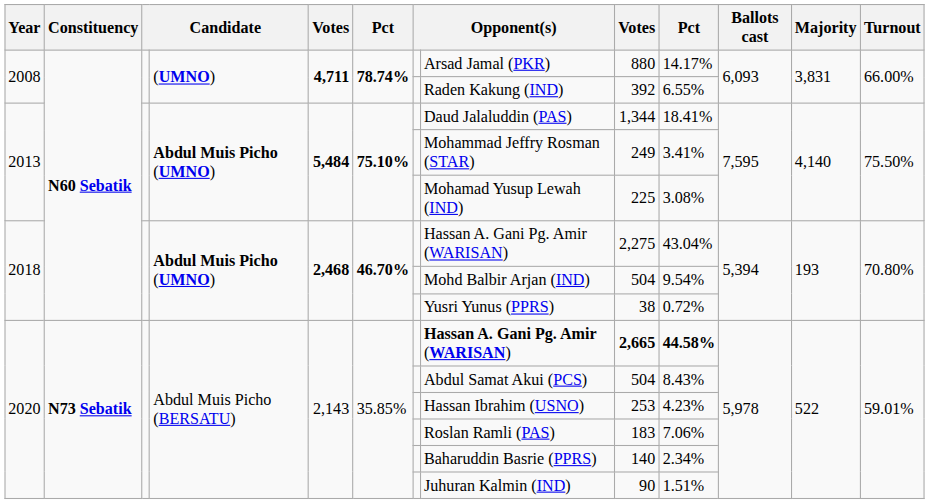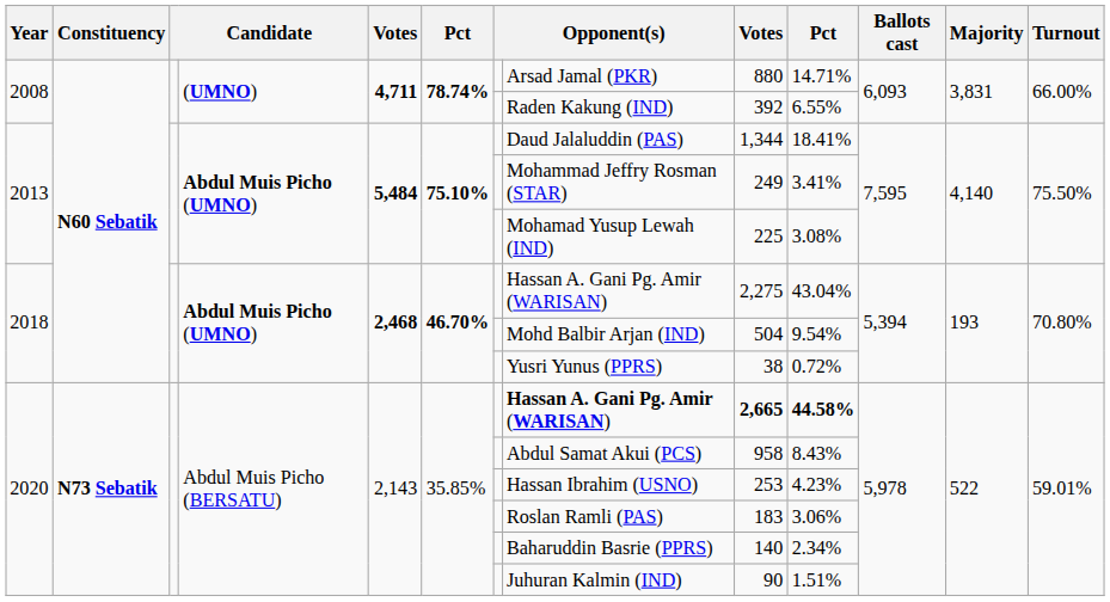 <table class="wikitable" style="margin:0.5em ; font-size:95%">
 <tr>
 <th>Year</th>
 <th>Constituency</th>
 <th colspan=2>Candidate</th>
 <th>Votes</th>
 <th>Pct</th>
 <th colspan=2>Opponent(s)</th>
 <th>Votes</th>
 <th>Pct</th>
 <th>Ballots cast</th>
 <th>Majority</th>
 <th>Turnout</th>
 </tr>
 <tr>
 <td rowspan=2>2008</td>
 <td rowspan=8><strong>N60 <a href='#'>Sebatik</a></strong></td>
 <td rowspan=2 ></td>
 <td rowspan=2> (<a href='#'><strong>UMNO</strong></a>)</td>
 <td rowspan=2 align="right"><strong>4,711</strong></td>
 <td rowspan=2><strong>78.74%</strong></td>
 <td></td>
 <td>Arsad Jamal (<a href='#'>PKR</a>)</td>
 <td align="right">880</td>
-<td>14.17%</td>
+<td>14.71%</td>
 <td rowspan=2>6,093</td>
 <td rowspan=2>3,831</td>
 <td rowspan=2>66.00%</td>
 </tr>
 <tr>
 <td></td>
 <td>Raden Kakung (<a href='#'>IND</a>)</td>
 <td align="right">392</td>
 <td>6.55%</td>
 </tr>
 <tr>
 <td rowspan=3>2013</td>
 <td rowspan=3 ></td>
 <td rowspan=3><strong>Abdul Muis Picho</strong> (<a href='#'><strong>UMNO</strong></a>)</td>
 <td rowspan=3 align="right"><strong>5,484</strong></td>
 <td rowspan=3><strong>75.10%</strong></td>
 <td></td>
 <td>Daud Jalaluddin (<a href='#'>PAS</a>)</td>
 <td align="right">1,344</td>
 <td>18.41%</td>
 <td rowspan=3>7,595</td>
 <td rowspan=3>4,140</td>
 <td rowspan=3>75.50%</td>
 </tr>
 <tr>
 <td></td>
 <td>Mohammad Jeffry Rosman (<a href='#'>STAR</a>)</td>
 <td align="right">249</td>
 <td>3.41%</td>
 </tr>
 <tr>
 <td></td>
 <td>Mohamad Yusup Lewah (<a href='#'>IND</a>)</td>
 <td align="right">225</td>
 <td>3.08%</td>
 </tr>
 <tr>
 <td rowspan=3>2018</td>
 <td rowspan=3 ></td>
 <td rowspan=3><strong>Abdul Muis Picho</strong> (<a href='#'><strong>UMNO</strong></a>)</td>
 <td rowspan=3 align="right"><strong>2,468</strong></td>
 <td rowspan=3><strong>46.70%</strong></td>
 <td></td>
 <td>Hassan A. Gani Pg. Amir (<a href='#'>WARISAN</a>)</td>
 <td align="right">2,275</td>
 <td>43.04%</td>
 <td rowspan=3>5,394</td>
 <td rowspan=3>193</td>
 <td rowspan=3>70.80%</td>
 </tr>
 <tr>
 <td></td>
 <td>Mohd Balbir Arjan (<a href='#'>IND</a>)</td>
 <td align="right">504</td>
 <td>9.54%</td>
 </tr>
 <tr>
 <td></td>
 <td>Yusri Yunus (<a href='#'>PPRS</a>)</td>
 <td align="right">38</td>
 <td>0.72%</td>
 </tr>
 <tr>
 <td rowspan=6>2020</td>
 <td rowspan=6><strong>N73 <a href='#'>Sebatik</a></strong></td>
 <td rowspan=6 ></td>
 <td rowspan=6>Abdul Muis Picho (<a href='#'>BERSATU</a>)</td>
 <td rowspan=6 align="right">2,143</td>
 <td rowspan=6>35.85%</td>
 <td></td>
 <td><strong>Hassan A. Gani Pg. Amir</strong> (<a href='#'><strong>WARISAN</strong></a>)</td>
 <td align="right"><strong>2,665</strong></td>
 <td><strong>44.58%</strong></td>
 <td rowspan=6>5,978</td>
 <td rowspan=6>522</td>
 <td rowspan=6>59.01%</td>
 </tr>
 <tr>
 <td></td>
 <td>Abdul Samat Akui (<a href='#'>PCS</a>)</td>
-<td align="right">504</td>
+<td align="right">958</td>
 <td>8.43%</td>
 </tr>
 <tr>
 <td></td>
 <td>Hassan Ibrahim (<a href='#'>USNO</a>)</td>
 <td align="right">253</td>
 <td>4.23%</td>
 </tr>
 <tr>
 <td></td>
 <td>Roslan Ramli (<a href='#'>PAS</a>)</td>
 <td align="right">183</td>
-<td>7.06%</td>
+<td>3.06%</td>
 </tr>
 <tr>
 <td></td>
 <td>Baharuddin Basrie (<a href='#'>PPRS</a>)</td>
 <td align="right">140</td>
 <td>2.34%</td>
 </tr>
 <tr>
 <td></td>
 <td>Juhuran Kalmin (<a href='#'>IND</a>)</td>
 <td align="right">90</td>
 <td>1.51%</td>
 </tr>
 </table>
